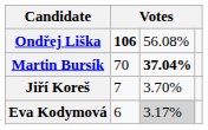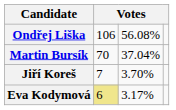 <table class="wikitable">
 <tr>
 <th>Candidate</th>
 <th colspan=3>Votes</th>
 </tr>
 <tr>
 <th><a href='#'>Ondřej Liška</a></th>
-<td><strong>106</strong></td>
+<td>106</td>
 <td>56.08%</td>
 <td></td>
 </tr>
 <tr>
 <th><a href='#'>Martin Bursík</a></th>
 <td>70</td>
-<td><strong>37.04%</strong></td>
+<td>37.04%</td>
 <td></td>
 </tr>
 <tr>
 <th>Jiří Koreš</th>
 <td>7</td>
 <td>3.70%</td>
 <td></td>
 </tr>
 <tr>
 <th>Eva Kodymová</th>
-<td>6</td>
-<td style="background: lightgrey;">3.17%</td>
+<td style="background: khaki;">6</td>
+<td>3.17%</td>
 <td></td>
 </tr>
 </table>
